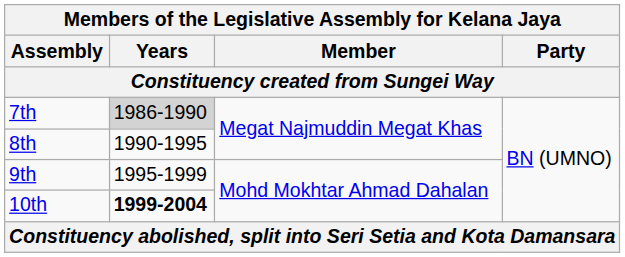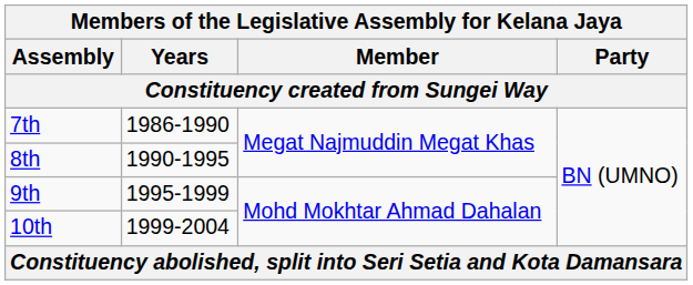 <table class=wikitable>
 <tr>
 <th colspan=4>Members of the Legislative Assembly for Kelana Jaya</th>
 </tr>
 <tr>
 <th>Assembly</th>
 <th>Years</th>
 <th>Member</th>
 <th>Party</th>
 </tr>
 <tr>
 <th colspan=4 align=center><em>Constituency created from Sungei Way</em></th>
 </tr>
 <tr>
 <td><a href='#'>7th</a></td>
-<td style="background: lightgrey;">1986-1990</td>
+<td>1986-1990</td>
 <td rowspan=2><a href='#'>Megat Najmuddin Megat Khas</a></td>
 <td rowspan=4><a href='#'>BN</a> (UMNO)</td>
 </tr>
 <tr>
 <td><a href='#'>8th</a></td>
 <td>1990-1995</td>
 </tr>
 <tr>
 <td><a href='#'>9th</a></td>
 <td>1995-1999</td>
 <td rowspan=2><a href='#'>Mohd Mokhtar Ahmad Dahalan</a></td>
 </tr>
 <tr>
 <td><a href='#'>10th</a></td>
-<td><strong>1999-2004</strong></td>
+<td>1999-2004</td>
 </tr>
 <tr>
 <th colspan=4 align=center><em>Constituency abolished, split into Seri Setia and Kota Damansara</em></th>
 </tr>
 </table>
